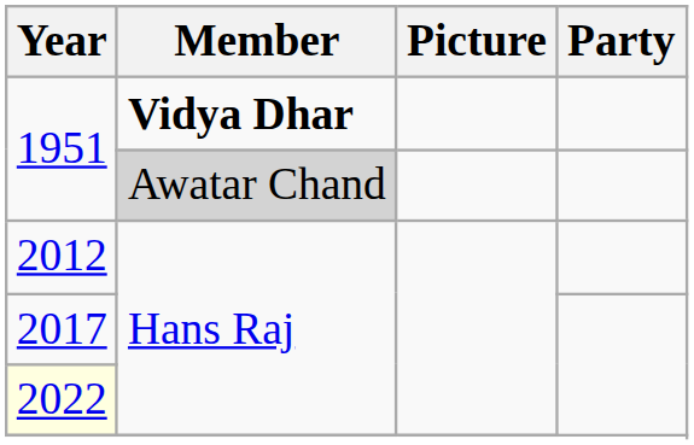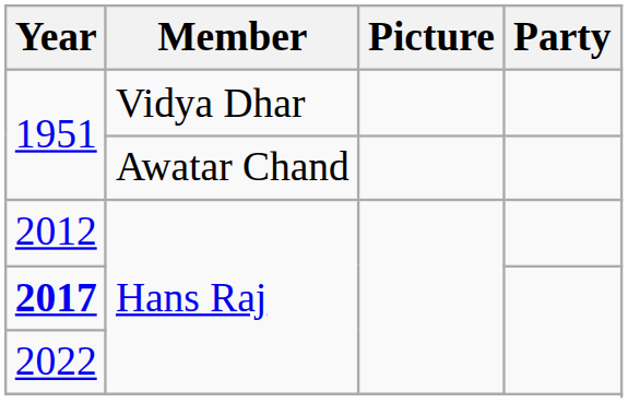 <table class="wikitable sortable">
 <tr>
 <th>Year</th>
 <th>Member</th>
 <th>Picture</th>
 <th colspan="2">Party</th>
 </tr>
 <tr>
 <td rowspan="2"><a href='#'>1951</a></td>
-<td><strong>Vidya Dhar</strong></td>
+<td>Vidya Dhar</td>
 <td></td>
 <td></td>
 </tr>
 <tr>
-<td style="background: lightgrey;">Awatar Chand</td>
+<td>Awatar Chand</td>
 <td></td>
 </tr>
 <tr>
 <td><a href='#'>2012</a></td>
 <td rowspan="3"><a href='#'>Hans Raj</a></td>
 <td rowspan="3"></td>
 <td></td>
 </tr>
 <tr>
-<td><a href='#'>2017</a></td>
+<td><strong><a href='#'>2017</a></strong></td>
 </tr>
 <tr>
-<td style="background: lightyellow;"><a href='#'>2022</a></td>
+<td><a href='#'>2022</a></td>
 </tr>
 <tr>
 </tr>
 </table>
